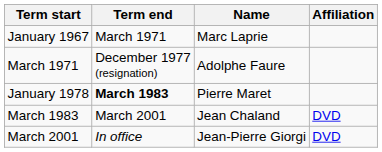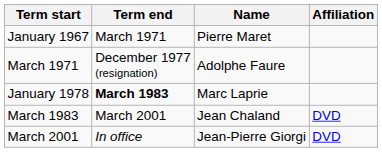 <table class="wikitable">
 <tr>
 <th>Term start</th>
 <th>Term end</th>
 <th>Name</th>
 <th>Affiliation</th>
 </tr>
 <tr>
 <td>January 1967</td>
 <td>March 1971</td>
-<td>Marc Laprie</td>
+<td>Pierre Maret</td>
 <td></td>
 </tr>
 <tr>
 <td>March 1971</td>
 <td>December 1977<br><small>(resignation)</small></td>
 <td>Adolphe Faure</td>
 <td></td>
 </tr>
 <tr>
 <td>January 1978</td>
 <td><strong>March 1983</strong></td>
-<td>Pierre Maret</td>
+<td>Marc Laprie</td>
 <td></td>
 </tr>
 <tr>
 <td>March 1983</td>
 <td>March 2001</td>
 <td>Jean Chaland</td>
 <td><a href='#'>DVD</a></td>
 </tr>
 <tr>
 <td>March 2001</td>
 <td><em>In office</em></td>
 <td>Jean-Pierre Giorgi</td>
 <td><a href='#'>DVD</a></td>
 </tr>
 </table>
